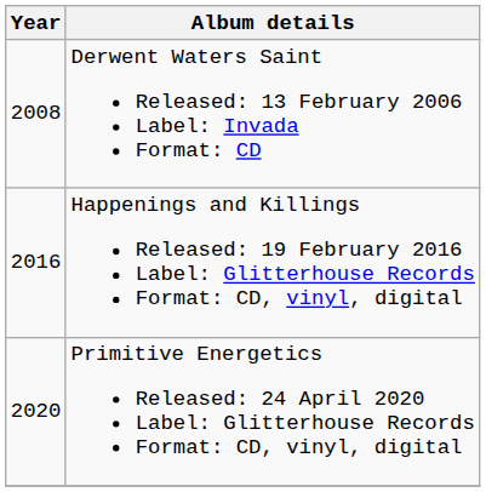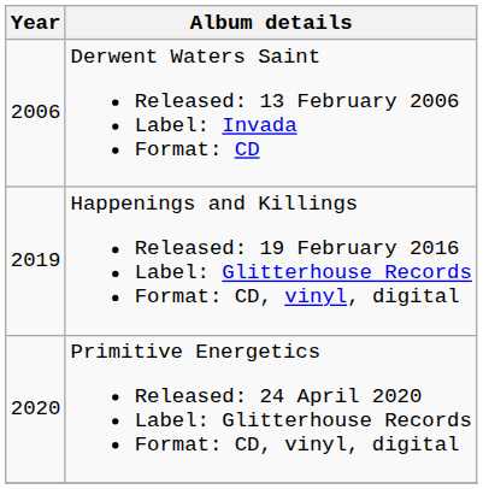 <table class="wikitable">
 <tr>
 <th>Year</th>
 <th>Album details</th>
 </tr>
 <tr>
-<td>2008</td>
+<td>2006</td>
 <td>Derwent Waters Saint<br><ul><li>Released: 13 February 2006</li><li>Label: <a href='#'>Invada</a></li><li>Format: <a href='#'>CD</a></li></ul></td>
 </tr>
 <tr>
-<td>2016</td>
+<td>2019</td>
 <td>Happenings and Killings<br><ul><li>Released: 19 February 2016</li><li>Label: <a href='#'>Glitterhouse Records</a></li><li>Format: CD, <a href='#'>vinyl</a>, digital</li></ul></td>
 </tr>
 <tr>
 <td>2020</td>
 <td>Primitive Energetics<br><ul><li>Released: 24 April 2020</li><li>Label: Glitterhouse Records</li><li>Format: CD, vinyl, digital</li></ul></td>
 </tr>
 <tr>
 </tr>
 </table>
